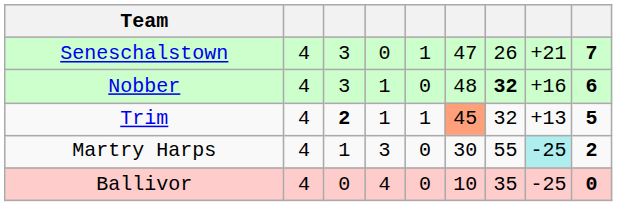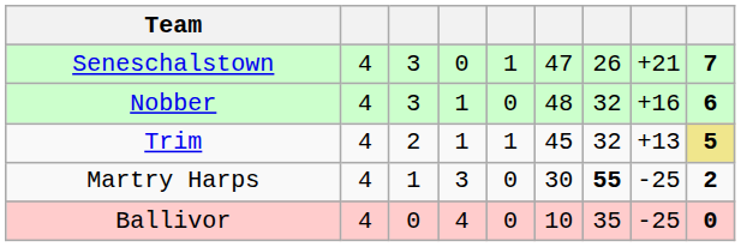 <table class="wikitable" style="text-align:center">
 <tr>
 <th style="width:175px;">Team</th>
 <th width="20"></th>
 <th width="20"></th>
 <th width="20"></th>
 <th width="20"></th>
 <th width="20"></th>
 <th width="20"></th>
 <th width="20"></th>
 <th width="20"></th>
 </tr>
 <tr style="background:#cfc;">
 <td><a href='#'>Seneschalstown</a></td>
 <td>4</td>
 <td>3</td>
 <td>0</td>
 <td>1</td>
 <td>47</td>
 <td>26</td>
 <td>+21</td>
 <td><strong>7</strong></td>
 </tr>
 <tr style="background:#cfc;">
 <td><a href='#'>Nobber</a></td>
 <td>4</td>
 <td>3</td>
 <td>1</td>
 <td>0</td>
 <td>48</td>
-<td><strong>32</strong></td>
+<td>32</td>
 <td>+16</td>
 <td><strong>6</strong></td>
 </tr>
 <tr>
 <td><a href='#'>Trim</a></td>
 <td>4</td>
-<td><strong>2</strong></td>
+<td>2</td>
 <td>1</td>
 <td>1</td>
-<td style="background: lightsalmon;">45</td>
+<td>45</td>
 <td>32</td>
 <td>+13</td>
-<td><strong>5</strong></td>
+<td style="background: khaki;"><strong>5</strong></td>
 </tr>
 <tr>
 <td>Martry Harps</td>
 <td>4</td>
 <td>1</td>
 <td>3</td>
 <td>0</td>
 <td>30</td>
-<td>55</td>
-<td style="background: paleturquoise;">-25</td>
+<td><strong>55</strong></td>
+<td>-25</td>
 <td><strong>2</strong></td>
 </tr>
 <tr style="background:#fcc;">
 <td>Ballivor</td>
 <td>4</td>
 <td>0</td>
 <td>4</td>
 <td>0</td>
 <td>10</td>
 <td>35</td>
 <td>-25</td>
 <td><strong>0</strong></td>
 </tr>
 </table>
